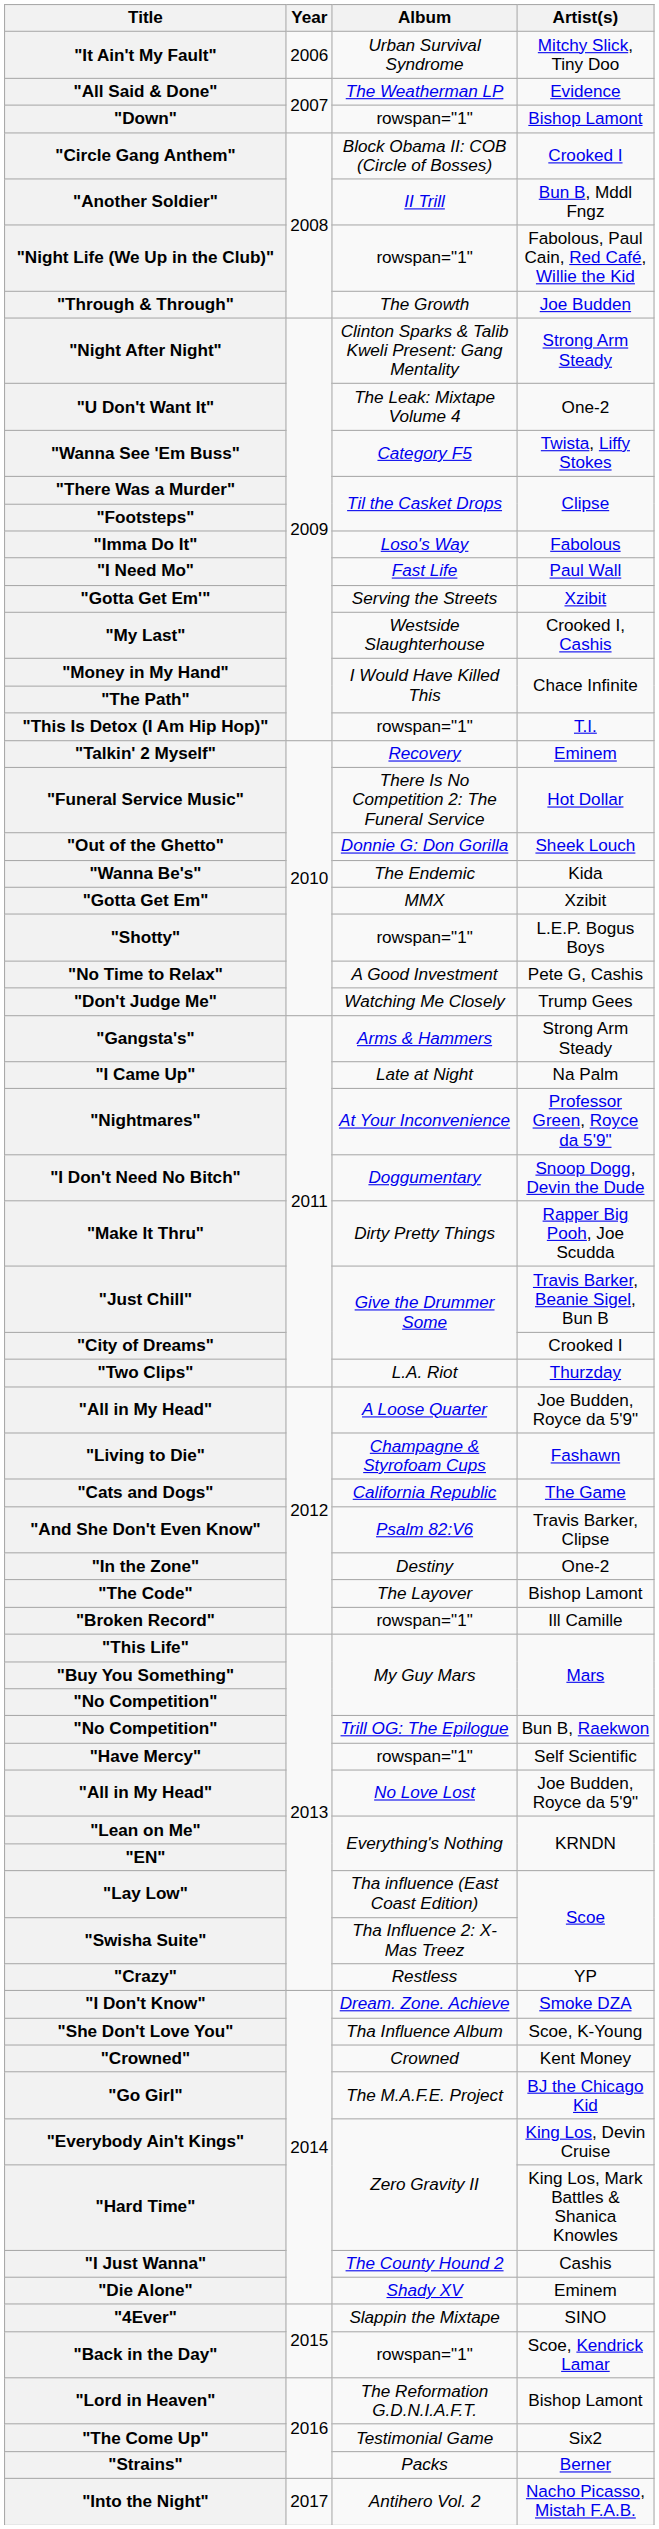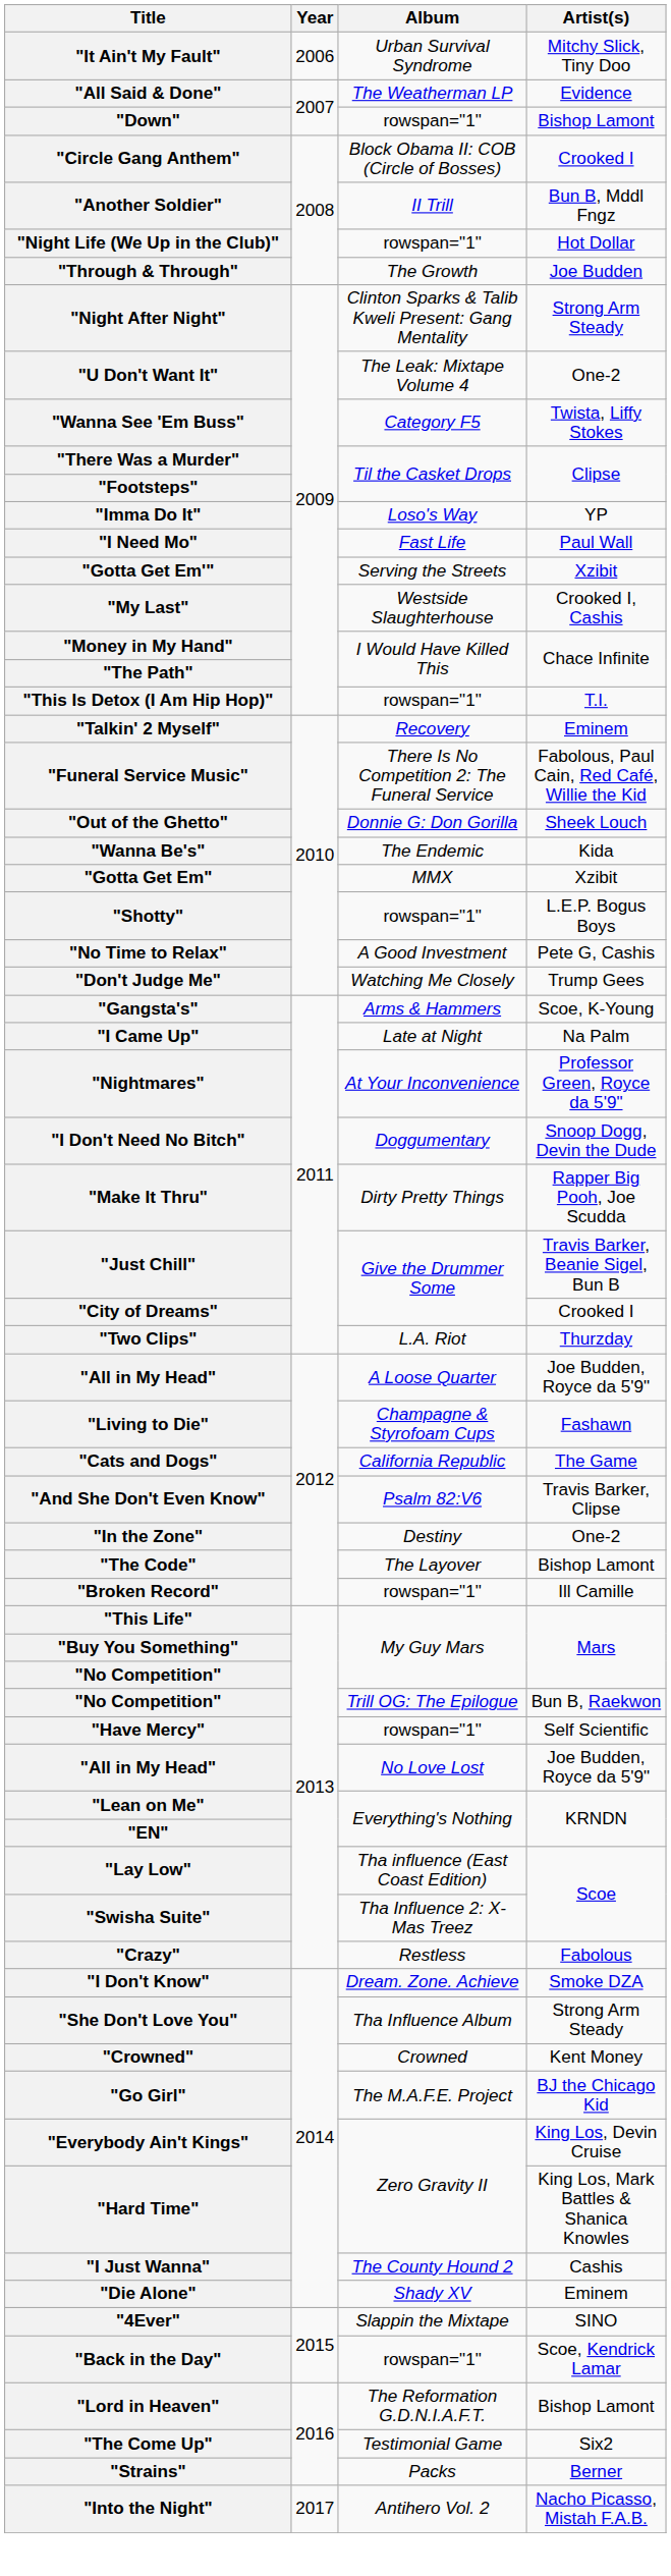 <table class="wikitable plainrowheaders" style="text-align:center;">
 <tr>
 <th scope="col" style="width:16em;">Title</th>
 <th scope="col">Year</th>
 <th scope="col">Album</th>
 <th scope="col">Artist(s)</th>
 </tr>
 <tr>
 <th scope="row">"It Ain't My Fault"</th>
 <td rowspan="1">2006</td>
 <td rowspan="1"><em>Urban Survival Syndrome</em></td>
 <td><a href='#'>Mitchy Slick</a>, Tiny Doo</td>
 </tr>
 <tr>
 <th scope="row">"All Said & Done"</th>
 <td rowspan="2">2007</td>
 <td rowspan="1"><em><a href='#'>The Weatherman LP</a></em></td>
 <td><a href='#'>Evidence</a></td>
 </tr>
 <tr>
 <th scope="row">"Down"</th>
 <td>rowspan="1" </td>
 <td><a href='#'>Bishop Lamont</a></td>
 </tr>
 <tr>
 <th scope="row">"Circle Gang Anthem"</th>
 <td rowspan="4">2008</td>
 <td rowspan="1"><em>Block Obama II: COB (Circle of Bosses)</em></td>
 <td><a href='#'>Crooked I</a></td>
 </tr>
 <tr>
 <th scope="row">"Another Soldier"</th>
 <td rowspan="1"><em><a href='#'>II Trill</a></em></td>
 <td><a href='#'>Bun B</a>, Mddl Fngz</td>
 </tr>
 <tr>
 <th scope="row">"Night Life (We Up in the Club)"</th>
 <td>rowspan="1" </td>
-<td>Fabolous, Paul Cain, <a href='#'>Red Café</a>, <a href='#'>Willie the Kid</a></td>
+<td><a href='#'>Hot Dollar</a></td>
 </tr>
 <tr>
 <th scope="row">"Through & Through"</th>
 <td rowspan="1"><em>The Growth</em></td>
 <td><a href='#'>Joe Budden</a></td>
 </tr>
 <tr>
 <th scope="row">"Night After Night"</th>
 <td rowspan="12">2009</td>
 <td rowspan="1"><em>Clinton Sparks & Talib Kweli Present: Gang Mentality</em></td>
 <td><a href='#'>Strong Arm Steady</a></td>
 </tr>
 <tr>
 <th scope="row">"U Don't Want It"</th>
 <td rowspan="1"><em>The Leak: Mixtape Volume 4</em></td>
 <td>One-2</td>
 </tr>
 <tr>
 <th scope="row">"Wanna See 'Em Buss"</th>
 <td rowspan="1"><em><a href='#'>Category F5</a></em></td>
 <td><a href='#'>Twista</a>, <a href='#'>Liffy Stokes</a></td>
 </tr>
 <tr>
 <th scope="row">"There Was a Murder"</th>
 <td rowspan="2"><em><a href='#'>Til the Casket Drops</a></em></td>
 <td rowspan="2"><a href='#'>Clipse</a></td>
 </tr>
 <tr>
 <th scope="row">"Footsteps"</th>
 </tr>
 <tr>
 <th scope="row">"Imma Do It"</th>
 <td rowspan="1"><em><a href='#'>Loso's Way</a></em></td>
-<td><a href='#'>Fabolous</a></td>
+<td>YP</td>
 </tr>
 <tr>
 <th scope="row">"I Need Mo"</th>
 <td rowspan="1"><em><a href='#'>Fast Life</a></em></td>
 <td><a href='#'>Paul Wall</a></td>
 </tr>
 <tr>
 <th scope="row">"Gotta Get Em'"</th>
 <td rowspan="1"><em>Serving the Streets</em></td>
 <td><a href='#'>Xzibit</a></td>
 </tr>
 <tr>
 <th scope="row">"My Last"</th>
 <td rowspan="1"><em>Westside Slaughterhouse</em></td>
 <td>Crooked I, <a href='#'>Cashis</a></td>
 </tr>
 <tr>
 <th scope="row">"Money in My Hand"</th>
 <td rowspan="2"><em>I Would Have Killed This</em></td>
 <td rowspan="2">Chace Infinite</td>
 </tr>
 <tr>
 <th scope="row">"The Path"</th>
 </tr>
 <tr>
 <th scope="row">"This Is Detox (I Am Hip Hop)"</th>
 <td>rowspan="1" </td>
 <td><a href='#'>T.I.</a></td>
 </tr>
 <tr>
 <th scope="row">"Talkin' 2 Myself"</th>
 <td rowspan="8">2010</td>
 <td rowspan="1"><em><a href='#'>Recovery</a></em></td>
 <td><a href='#'>Eminem</a></td>
 </tr>
 <tr>
 <th scope="row">"Funeral Service Music"</th>
 <td rowspan="1"><em>There Is No Competition 2: The Funeral Service</em></td>
-<td><a href='#'>Hot Dollar</a></td>
+<td>Fabolous, Paul Cain, <a href='#'>Red Café</a>, <a href='#'>Willie the Kid</a></td>
 </tr>
 <tr>
 <th scope="row">"Out of the Ghetto"</th>
 <td rowspan="1"><em><a href='#'>Donnie G: Don Gorilla</a></em></td>
 <td><a href='#'>Sheek Louch</a></td>
 </tr>
 <tr>
 <th scope="row">"Wanna Be's"</th>
 <td rowspan="1"><em>The Endemic</em></td>
 <td>Kida</td>
 </tr>
 <tr>
 <th scope="row">"Gotta Get Em"</th>
 <td rowspan="1"><em>MMX</em></td>
 <td>Xzibit</td>
 </tr>
 <tr>
 <th scope="row">"Shotty"</th>
 <td>rowspan="1" </td>
 <td>L.E.P. Bogus Boys</td>
 </tr>
 <tr>
 <th scope="row">"No Time to Relax"</th>
 <td rowspan="1"><em>A Good Investment</em></td>
 <td>Pete G, Cashis</td>
 </tr>
 <tr>
 <th scope="row">"Don't Judge Me"</th>
 <td rowspan="1"><em>Watching Me Closely</em></td>
 <td>Trump Gees</td>
 </tr>
 <tr>
 <th scope="row">"Gangsta's"</th>
 <td rowspan="8">2011</td>
 <td rowspan="1"><em><a href='#'>Arms & Hammers</a></em></td>
-<td>Strong Arm Steady</td>
+<td>Scoe, K-Young</td>
 </tr>
 <tr>
 <th scope="row">"I Came Up"</th>
 <td rowspan="1"><em>Late at Night</em></td>
 <td>Na Palm</td>
 </tr>
 <tr>
 <th scope="row">"Nightmares"</th>
 <td rowspan="1"><em><a href='#'>At Your Inconvenience</a></em></td>
 <td><a href='#'>Professor Green</a>, <a href='#'>Royce da 5'9"</a></td>
 </tr>
 <tr>
 <th scope="row">"I Don't Need No Bitch"</th>
 <td rowspan="1"><em><a href='#'>Doggumentary</a></em></td>
 <td><a href='#'>Snoop Dogg</a>, <a href='#'>Devin the Dude</a></td>
 </tr>
 <tr>
 <th scope="row">"Make It Thru"</th>
 <td rowspan="1"><em>Dirty Pretty Things</em></td>
 <td><a href='#'>Rapper Big Pooh</a>, Joe Scudda</td>
 </tr>
 <tr>
 <th scope="row">"Just Chill"</th>
 <td rowspan="2"><em><a href='#'>Give the Drummer Some</a></em></td>
 <td><a href='#'>Travis Barker</a>, <a href='#'>Beanie Sigel</a>, Bun B</td>
 </tr>
 <tr>
 <th scope="row">"City of Dreams"</th>
 <td>Crooked I</td>
 </tr>
 <tr>
 <th scope="row">"Two Clips"</th>
 <td rowspan="1"><em>L.A. Riot</em></td>
 <td><a href='#'>Thurzday</a></td>
 </tr>
 <tr>
 <th scope="row">"All in My Head"</th>
 <td rowspan="7">2012</td>
 <td rowspan="1"><em><a href='#'>A Loose Quarter</a></em></td>
 <td>Joe Budden, Royce da 5'9"</td>
 </tr>
 <tr>
 <th scope="row">"Living to Die"</th>
 <td rowspan="1"><em><a href='#'>Champagne & Styrofoam Cups</a></em></td>
 <td><a href='#'>Fashawn</a></td>
 </tr>
 <tr>
 <th scope="row">"Cats and Dogs"</th>
 <td rowspan="1"><em><a href='#'>California Republic</a></em></td>
 <td><a href='#'>The Game</a></td>
 </tr>
 <tr>
 <th scope="row">"And She Don't Even Know"</th>
 <td rowspan="1"><em><a href='#'>Psalm 82:V6</a></em></td>
 <td>Travis Barker, Clipse</td>
 </tr>
 <tr>
 <th scope="row">"In the Zone"</th>
 <td rowspan="1"><em>Destiny</em></td>
 <td>One-2</td>
 </tr>
 <tr>
 <th scope="row">"The Code"</th>
 <td rowspan="1"><em>The Layover</em></td>
 <td>Bishop Lamont</td>
 </tr>
 <tr>
 <th scope="row">"Broken Record"</th>
 <td>rowspan="1" </td>
 <td>Ill Camille</td>
 </tr>
 <tr>
 <th scope="row">"This Life"</th>
 <td rowspan="11">2013</td>
 <td rowspan="3"><em>My Guy Mars</em></td>
 <td rowspan="3"><a href='#'>Mars</a></td>
 </tr>
 <tr>
 <th scope="row">"Buy You Something"</th>
 </tr>
 <tr>
 <th scope="row">"No Competition"</th>
 </tr>
 <tr>
 <th scope="row">"No Competition"</th>
 <td rowspan="1"><em><a href='#'>Trill OG: The Epilogue</a></em></td>
 <td>Bun B, <a href='#'>Raekwon</a></td>
 </tr>
 <tr>
 <th scope="row">"Have Mercy"</th>
 <td>rowspan="1" </td>
 <td>Self Scientific</td>
 </tr>
 <tr>
 <th scope="row">"All in My Head"</th>
 <td rowspan="1"><em><a href='#'>No Love Lost</a></em></td>
 <td>Joe Budden, Royce da 5'9"</td>
 </tr>
 <tr>
 <th scope="row">"Lean on Me"</th>
 <td rowspan="2"><em>Everything's Nothing</em></td>
 <td rowspan="2">KRNDN</td>
 </tr>
 <tr>
 <th scope="row">"EN"</th>
 </tr>
 <tr>
 <th scope="row">"Lay Low"</th>
 <td rowspan="1"><em>Tha influence (East Coast Edition)</em></td>
 <td rowspan="2"><a href='#'>Scoe</a></td>
 </tr>
 <tr>
 <th scope="row">"Swisha Suite"</th>
 <td rowspan="1"><em>Tha Influence 2: X-Mas Treez</em></td>
 </tr>
 <tr>
 <th scope="row">"Crazy"</th>
 <td rowspan="1"><em>Restless</em></td>
-<td>YP</td>
+<td><a href='#'>Fabolous</a></td>
 </tr>
 <tr>
 <th scope="row">"I Don't Know"</th>
 <td rowspan="8">2014</td>
 <td rowspan="1"><em><a href='#'>Dream. Zone. Achieve</a></em></td>
 <td><a href='#'>Smoke DZA</a></td>
 </tr>
 <tr>
 <th scope="row">"She Don't Love You"</th>
 <td rowspan="1"><em>Tha Influence Album</em></td>
-<td>Scoe, K-Young</td>
+<td>Strong Arm Steady</td>
 </tr>
 <tr>
 <th scope="row">"Crowned"</th>
 <td rowspan="1"><em>Crowned</em></td>
 <td>Kent Money</td>
 </tr>
 <tr>
 <th scope="row">"Go Girl"</th>
 <td rowspan="1"><em>The M.A.F.E. Project</em></td>
 <td><a href='#'>BJ the Chicago Kid</a></td>
 </tr>
 <tr>
 <th scope="row">"Everybody Ain't Kings"</th>
 <td rowspan="2"><em>Zero Gravity II</em></td>
 <td><a href='#'>King Los</a>, Devin Cruise</td>
 </tr>
 <tr>
 <th scope="row">"Hard Time"</th>
 <td>King Los, Mark Battles & Shanica Knowles</td>
 </tr>
 <tr>
 <th scope="row">"I Just Wanna"</th>
 <td rowspan="1"><em><a href='#'>The County Hound 2</a></em></td>
 <td>Cashis</td>
 </tr>
 <tr>
 <th scope="row">"Die Alone"</th>
 <td rowspan="1"><em><a href='#'>Shady XV</a></em></td>
 <td>Eminem</td>
 </tr>
 <tr>
 <th scope="row">"4Ever"</th>
 <td rowspan="2">2015</td>
 <td rowspan="1"><em>Slappin the Mixtape</em></td>
 <td>SINO</td>
 </tr>
 <tr>
 <th scope="row">"Back in the Day"</th>
 <td>rowspan="1" </td>
 <td>Scoe, <a href='#'>Kendrick Lamar</a></td>
 </tr>
 <tr>
 <th scope="row">"Lord in Heaven"</th>
 <td rowspan="3">2016</td>
 <td rowspan="1"><em>The Reformation G.D.N.I.A.F.T.</em></td>
 <td>Bishop Lamont</td>
 </tr>
 <tr>
 <th scope="row">"The Come Up"</th>
 <td rowspan="1"><em>Testimonial Game</em></td>
 <td>Six2</td>
 </tr>
 <tr>
 <th scope="row">"Strains"</th>
 <td rowspan="1"><em>Packs</em></td>
 <td><a href='#'>Berner</a></td>
 </tr>
 <tr>
 <th scope="row">"Into the Night"</th>
 <td rowspan="1">2017</td>
 <td rowspan="1"><em>Antihero Vol. 2</em></td>
 <td><a href='#'>Nacho Picasso</a>, <a href='#'>Mistah F.A.B.</a></td>
 </tr>
 <tr>
 </tr>
 </table>
